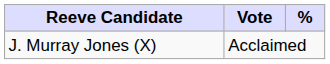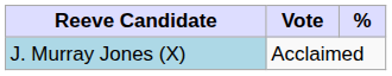 <table class="wikitable">
 <tr>
 <th style="background:#ddf; width:200px;">Reeve Candidate </th>
 <th style="background:#ddf; width:50px;">Vote</th>
 <th style="background:#ddf; width:30px;">%</th>
 </tr>
 <tr>
-<td>J. Murray Jones (X)</td>
+<td style="background: lightblue;">J. Murray Jones (X)</td>
 <td colspan="2">Acclaimed</td>
 </tr>
 </table>
